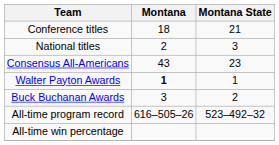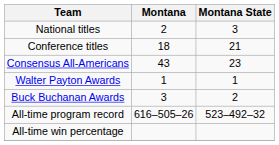 <table class="wikitable" style="text-align:center;">
 <tr>
 <th>Team</th>
 <th>Montana</th>
 <th>Montana State</th>
 </tr>
 <tr>
+<td>National titles</td>
+<td>2</td>
+<td>3</td>
+</tr>
+<tr>
 <td>Conference titles</td>
 <td>18</td>
 <td>21</td>
-</tr>
-<tr>
-<td>National titles</td>
-<td>2</td>
-<td>3</td>
 </tr>
 <tr>
 <td><a href='#'>Consensus All-Americans</a></td>
 <td>43</td>
 <td>23</td>
 </tr>
 <tr>
 <td><a href='#'>Walter Payton Awards</a></td>
-<td><strong>1</strong></td>
+<td>1</td>
 <td>1</td>
 </tr>
 <tr>
 <td><a href='#'>Buck Buchanan Awards</a></td>
 <td>3</td>
 <td>2</td>
 </tr>
 <tr>
 <td>All-time program record</td>
 <td>616–505–26</td>
 <td>523–492–32</td>
 </tr>
 <tr>
 <td>All-time win percentage</td>
 <td></td>
 <td></td>
 </tr>
 <tr>
 </tr>
 </table>
